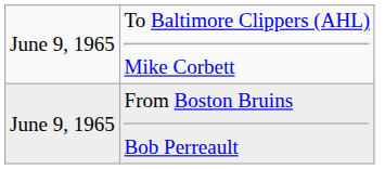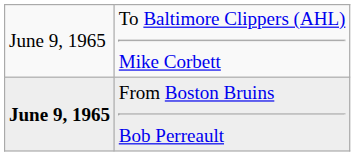 <table class="wikitable">
 <tr>
 <td>June 9, 1965</td>
 <td valign="top">To <a href='#'>Baltimore Clippers (AHL)</a><hr><a href='#'>Mike Corbett</a></td>
 </tr>
 <tr bgcolor="#eeeeee">
-<td>June 9, 1965</td>
+<td><strong>June 9, 1965</strong></td>
 <td valign="top">From <a href='#'>Boston Bruins</a><hr><a href='#'>Bob Perreault</a></td>
 </tr>
 </table>
